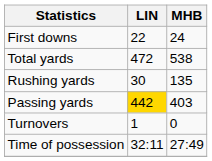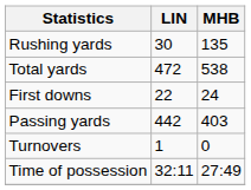 <table class="wikitable" style="float: left;">
 <tr>
 <th>Statistics</th>
 <th>LIN</th>
 <th>MHB</th>
 </tr>
 <tr>
-<td>First downs</td>
-<td>22</td>
-<td>24</td>
+<td>Rushing yards</td>
+<td>30</td>
+<td>135</td>
 </tr>
 <tr>
 <td>Total yards</td>
 <td>472</td>
 <td>538</td>
 </tr>
 <tr>
-<td>Rushing yards</td>
-<td>30</td>
-<td>135</td>
+<td>First downs</td>
+<td>22</td>
+<td>24</td>
 </tr>
 <tr>
 <td>Passing yards</td>
-<td style="background: gold;">442</td>
+<td>442</td>
 <td>403</td>
 </tr>
 <tr>
 <td>Turnovers</td>
 <td>1</td>
 <td>0</td>
 </tr>
 <tr>
 <td>Time of possession</td>
 <td>32:11</td>
 <td>27:49</td>
 </tr>
 <tr>
 </tr>
 </table>
